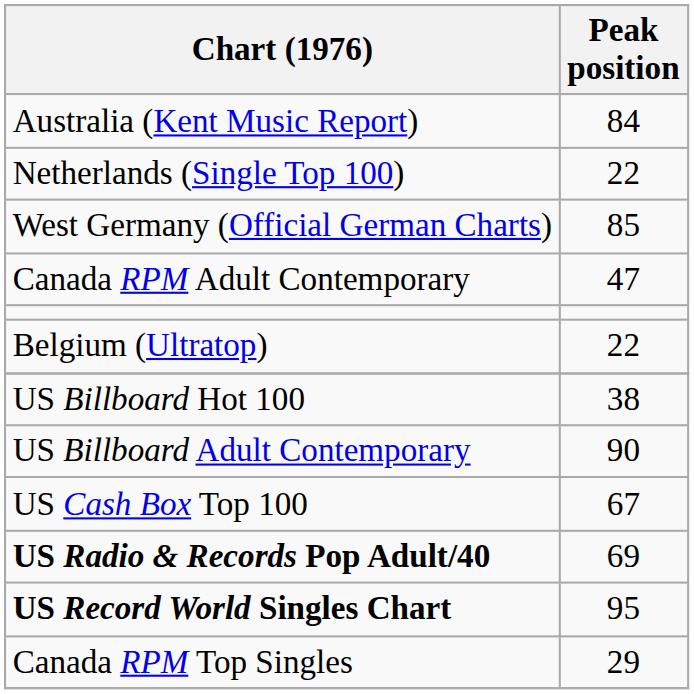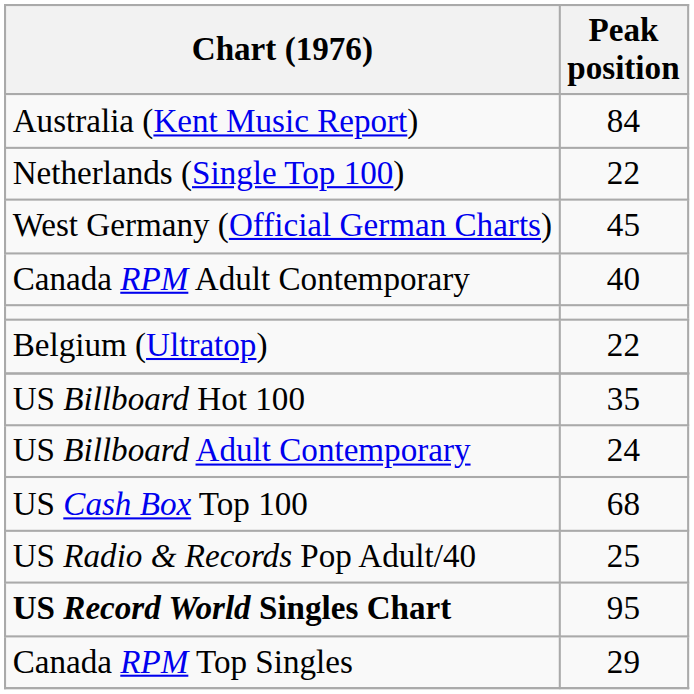 <table class="wikitable sortable">
 <tr>
 <th>Chart (1976)</th>
 <th>Peak<br>position</th>
 </tr>
 <tr>
 <td>Australia (<a href='#'>Kent Music Report</a>)</td>
 <td style="text-align:center;">84</td>
 </tr>
 <tr>
 <td>Netherlands (<a href='#'>Single Top 100</a>)</td>
 <td style="text-align:center;">22</td>
 </tr>
 <tr>
 <td>West Germany (<a href='#'>Official German Charts</a>)</td>
-<td style="text-align:center;">85</td>
+<td style="text-align:center;">45</td>
 </tr>
 <tr>
 <td>Canada <em><a href='#'>RPM</a></em> Adult Contemporary</td>
-<td style="text-align:center;">47</td>
+<td style="text-align:center;">40</td>
 </tr>
 <tr>
 <td></td>
 </tr>
 <tr>
 <td>Belgium (<a href='#'>Ultratop</a>)</td>
 <td style="text-align:center;">22</td>
 </tr>
 <tr>
 </tr>
 <tr>
 <td>US <em>Billboard</em> Hot 100</td>
-<td style="text-align:center;">38</td>
+<td style="text-align:center;">35</td>
 </tr>
 <tr>
 <td>US <em>Billboard</em> <a href='#'>Adult Contemporary</a></td>
-<td style="text-align:center;">90</td>
+<td style="text-align:center;">24</td>
 </tr>
 <tr>
 <td>US <a href='#'><em>Cash Box</em></a> Top 100</td>
-<td align="center">67</td>
+<td align="center">68</td>
 </tr>
 <tr>
-<td><strong>US <em>Radio & Records</em> Pop Adult/40</strong></td>
-<td style="text-align:center;">69</td>
+<td>US <em>Radio & Records</em> Pop Adult/40</td>
+<td style="text-align:center;">25</td>
 </tr>
 <tr>
 <td><strong>US <em>Record World</em> Singles Chart</strong></td>
 <td style="text-align:center;">95</td>
 </tr>
 <tr>
 <td>Canada <em><a href='#'>RPM</a></em> Top Singles</td>
 <td style="text-align:center;">29</td>
 </tr>
 <tr>
 </tr>
 </table>
